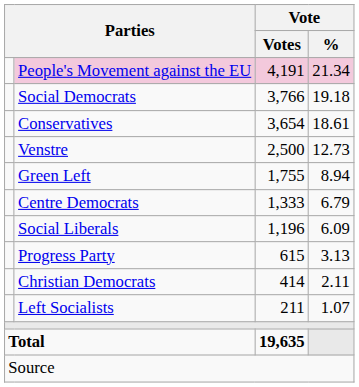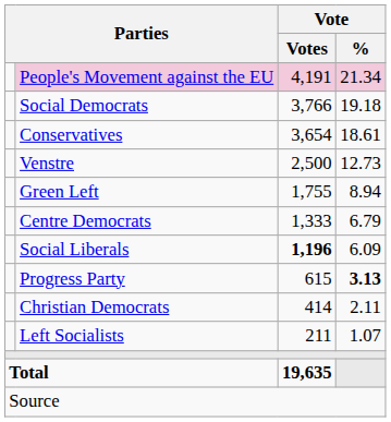 <table class="wikitable" style="text-align:right;">
 <tr>
 <th style="text-align:centre;" rowspan="2" colspan="2" width="225">Parties</th>
 <th colspan="3">Vote</th>
 </tr>
 <tr>
 <th width="15">Votes</th>
 <th width="15">%</th>
 </tr>
 <tr>
 <td width="2" style="color:inherit;background:"></td>
 <td bgcolor=#f3c9dc   align="left"><a href='#'>People's Movement against the EU</a></td>
 <td bgcolor=#f3c9dc>4,191</td>
 <td bgcolor=#f3c9dc>21.34</td>
 </tr>
 <tr>
 <td width="2" style="color:inherit;background:"></td>
 <td align="left"><a href='#'>Social Democrats</a></td>
 <td>3,766</td>
 <td>19.18</td>
 </tr>
 <tr>
 <td width="2" style="color:inherit;background:"></td>
 <td align="left"><a href='#'>Conservatives</a></td>
 <td>3,654</td>
 <td>18.61</td>
 </tr>
 <tr>
 <td width="2" style="color:inherit;background:"></td>
 <td align="left"><a href='#'>Venstre</a></td>
 <td>2,500</td>
 <td>12.73</td>
 </tr>
 <tr>
 <td width="2" style="color:inherit;background:"></td>
 <td align="left"><a href='#'>Green Left</a></td>
 <td>1,755</td>
 <td>8.94</td>
 </tr>
 <tr>
 <td width="2" style="color:inherit;background:"></td>
 <td align="left"><a href='#'>Centre Democrats</a></td>
 <td>1,333</td>
 <td>6.79</td>
 </tr>
 <tr>
 <td width="2" style="color:inherit;background:"></td>
 <td align="left"><a href='#'>Social Liberals</a></td>
-<td>1,196</td>
+<td><strong>1,196</strong></td>
 <td>6.09</td>
 </tr>
 <tr>
 <td width="2" style="color:inherit;background:"></td>
 <td align="left"><a href='#'>Progress Party</a></td>
 <td>615</td>
-<td>3.13</td>
+<td><strong>3.13</strong></td>
 </tr>
 <tr>
 <td width="2" style="color:inherit;background:"></td>
 <td align="left"><a href='#'>Christian Democrats</a></td>
 <td>414</td>
 <td>2.11</td>
 </tr>
 <tr>
 <td width="2" style="color:inherit;background:"></td>
 <td align="left"><a href='#'>Left Socialists</a></td>
 <td>211</td>
 <td>1.07</td>
 </tr>
 <tr>
 <td colspan="7" bgcolor="#E9E9E9"></td>
 </tr>
 <tr>
 <td align="left" colspan="2"><strong>Total</strong></td>
 <td><strong>19,635</strong></td>
 <td bgcolor="#E9E9E9" colspan="2"></td>
 </tr>
 <tr>
 <td align="left" colspan="6">Source</td>
 </tr>
 </table>
